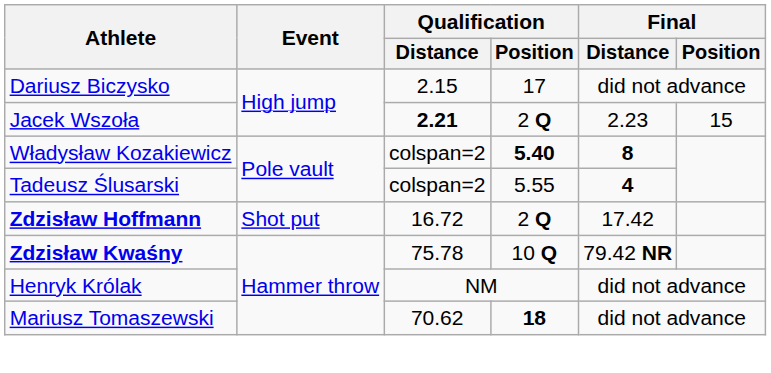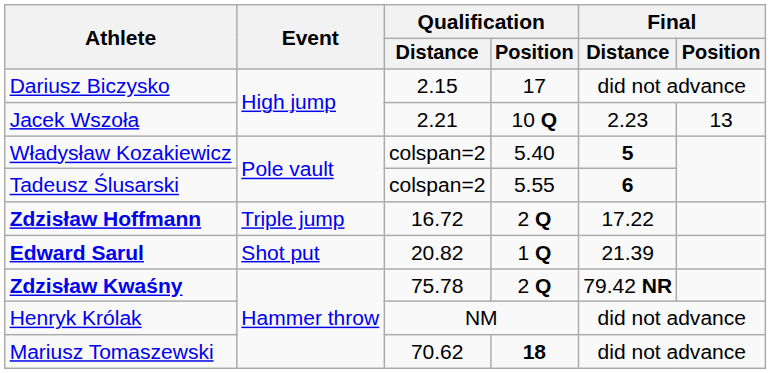 <table class=wikitable style="font-size:90%">
 <tr>
 <th rowspan="2">Athlete</th>
 <th rowspan="2">Event</th>
 <th colspan="2">Qualification</th>
 <th colspan="2">Final</th>
 </tr>
 <tr style="font-size:95%">
 <th>Distance</th>
 <th>Position</th>
 <th>Distance</th>
 <th>Position</th>
 </tr>
 <tr style=text-align:center>
 <td style=text-align:left><a href='#'>Dariusz Biczysko</a></td>
 <td style=text-align:left rowspan=2><a href='#'>High jump</a></td>
 <td>2.15</td>
 <td>17</td>
 <td colspan=2>did not advance</td>
 </tr>
 <tr style=text-align:center>
 <td style=text-align:left><a href='#'>Jacek Wszoła</a></td>
-<td><strong>2.21</strong></td>
-<td>2 <strong>Q</strong></td>
+<td>2.21</td>
+<td>10 <strong>Q</strong></td>
 <td>2.23</td>
-<td>15</td>
+<td>13</td>
 </tr>
 <tr style=text-align:center>
 <td style=text-align:left><a href='#'>Władysław Kozakiewicz</a></td>
 <td style=text-align:left rowspan=2><a href='#'>Pole vault</a></td>
 <td>colspan=2 </td>
-<td><strong>5.40</strong></td>
-<td><strong>8</strong></td>
+<td>5.40</td>
+<td><strong>5</strong></td>
 </tr>
 <tr style=text-align:center>
 <td style=text-align:left><a href='#'>Tadeusz Ślusarski</a></td>
 <td>colspan=2 </td>
 <td>5.55</td>
-<td><strong>4</strong></td>
+<td><strong>6</strong></td>
 </tr>
 <tr style=text-align:center>
 <td style=text-align:left><strong><a href='#'>Zdzisław Hoffmann</a></strong></td>
-<td style=text-align:left><a href='#'>Shot put</a></td>
+<td style=text-align:left><a href='#'>Triple jump</a></td>
 <td>16.72</td>
 <td>2 <strong>Q</strong></td>
-<td>17.42</td>
+<td>17.22</td>
+<td></td>
+</tr>
+<tr style=text-align:center>
+<td style=text-align:left><strong><a href='#'>Edward Sarul</a></strong></td>
+<td style=text-align:left><a href='#'>Shot put</a></td>
+<td>20.82</td>
+<td>1 <strong>Q</strong></td>
+<td>21.39</td>
 <td></td>
 </tr>
 <tr style=text-align:center>
 <td style=text-align:left><strong><a href='#'>Zdzisław Kwaśny</a></strong></td>
 <td style=text-align:left rowspan=3><a href='#'>Hammer throw</a></td>
 <td>75.78</td>
-<td>10 <strong>Q</strong></td>
+<td>2 <strong>Q</strong></td>
 <td>79.42 <strong>NR</strong></td>
 <td></td>
 </tr>
 <tr style=text-align:center>
 <td style=text-align:left><a href='#'>Henryk Królak</a></td>
 <td colspan=2>NM</td>
 <td colspan=2>did not advance</td>
 </tr>
 <tr style=text-align:center>
 <td style=text-align:left><a href='#'>Mariusz Tomaszewski</a></td>
 <td>70.62</td>
 <td><strong>18</strong></td>
 <td colspan=2>did not advance</td>
 </tr>
 </table>
